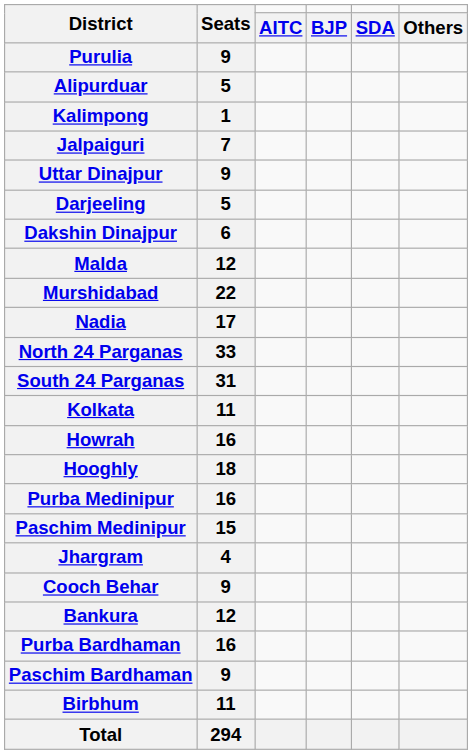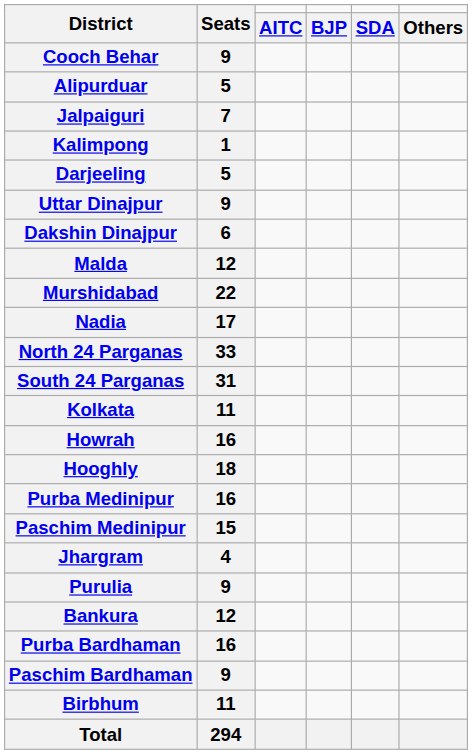 <table class="wikitable" style="text-align:center;">
 <tr>
 <th rowspan="2">District</th>
 <th rowspan="2">Seats</th>
 <td style="color:inherit;background:"></td>
 <td style="color:inherit;background:"></td>
 <td style="color:inherit;background:"></td>
 <td style="color:inherit;background:"></td>
 </tr>
 <tr>
 <th><a href='#'>AITC</a></th>
 <th><a href='#'>BJP</a></th>
 <th><a href='#'>SDA</a></th>
 <th>Others</th>
 </tr>
 <tr>
-<th><a href='#'>Purulia</a></th>
+<th><a href='#'>Cooch Behar</a></th>
 <th>9</th>
 <td></td>
 <td></td>
 <td></td>
 <td></td>
 </tr>
 <tr>
 <th><a href='#'>Alipurduar</a></th>
 <th>5</th>
 <td></td>
 <td></td>
 <td></td>
 <td></td>
 </tr>
 <tr>
+<th><a href='#'>Jalpaiguri</a></th>
+<th>7</th>
+<td></td>
+<td></td>
+<td></td>
+<td></td>
+</tr>
+<tr>
 <th><a href='#'>Kalimpong</a></th>
 <th>1</th>
 <td></td>
 <td></td>
 <td></td>
 <td></td>
 </tr>
 <tr>
-<th><a href='#'>Jalpaiguri</a></th>
-<th>7</th>
+<th><a href='#'>Darjeeling</a></th>
+<th>5</th>
 <td></td>
 <td></td>
 <td></td>
 <td></td>
 </tr>
 <tr>
 <th><a href='#'>Uttar Dinajpur</a></th>
 <th>9</th>
-<td></td>
-<td></td>
-<td></td>
-<td></td>
-</tr>
-<tr>
-<th><a href='#'>Darjeeling</a></th>
-<th>5</th>
 <td></td>
 <td></td>
 <td></td>
 <td></td>
 </tr>
 <tr>
 <th><a href='#'>Dakshin Dinajpur</a></th>
 <th>6</th>
 <td></td>
 <td></td>
 <td></td>
 <td></td>
 </tr>
 <tr>
 <th><a href='#'>Malda</a></th>
 <th>12</th>
 <td></td>
 <td></td>
 <td></td>
 <td></td>
 </tr>
 <tr>
 <th><a href='#'>Murshidabad</a></th>
 <th>22</th>
 <td></td>
 <td></td>
 <td></td>
 <td></td>
 </tr>
 <tr>
 <th><a href='#'>Nadia</a></th>
 <th>17</th>
 <td></td>
 <td></td>
 <td></td>
 <td></td>
 </tr>
 <tr>
 <th><a href='#'>North 24 Parganas</a></th>
 <th>33</th>
 <td></td>
 <td></td>
 <td></td>
 <td></td>
 </tr>
 <tr>
 <th><a href='#'>South 24 Parganas</a></th>
 <th>31</th>
 <td></td>
 <td></td>
 <td></td>
 <td></td>
 </tr>
 <tr>
 <th><a href='#'>Kolkata</a></th>
 <th>11</th>
 <td></td>
 <td></td>
 <td></td>
 <td></td>
 </tr>
 <tr>
 <th><a href='#'>Howrah</a></th>
 <th>16</th>
 <td></td>
 <td></td>
 <td></td>
 </tr>
 <tr>
 <th><a href='#'>Hooghly</a></th>
 <th>18</th>
 <td></td>
 <td></td>
 <td></td>
 <td></td>
 </tr>
 <tr>
 <th><a href='#'>Purba Medinipur</a></th>
 <th>16</th>
 <td></td>
 <td></td>
 <td></td>
 <td></td>
 </tr>
 <tr>
 <th><a href='#'>Paschim Medinipur</a></th>
 <th>15</th>
 <td></td>
 <td></td>
 <td></td>
 <td></td>
 </tr>
 <tr>
 <th><a href='#'>Jhargram</a></th>
 <th>4</th>
 <td></td>
 <td></td>
 <td></td>
 <td></td>
 </tr>
 <tr>
-<th><a href='#'>Cooch Behar</a></th>
+<th><a href='#'>Purulia</a></th>
 <th>9</th>
 <td></td>
 <td></td>
 <td></td>
 <td></td>
 </tr>
 <tr>
 <th><a href='#'>Bankura</a></th>
 <th>12</th>
 <td></td>
 <td></td>
 <td></td>
 <td></td>
 </tr>
 <tr>
 <th><a href='#'>Purba Bardhaman</a></th>
 <th>16</th>
 <td></td>
 <td></td>
 <td></td>
 <td></td>
 </tr>
 <tr>
 <th><a href='#'>Paschim Bardhaman</a></th>
 <th>9</th>
 <td></td>
 <td></td>
 <td></td>
 <td></td>
 </tr>
 <tr>
 <th><a href='#'>Birbhum</a></th>
 <th>11</th>
 <td></td>
 <td></td>
 <td></td>
 <td></td>
 </tr>
 <tr>
 <th>Total</th>
 <th>294</th>
 <th></th>
 <th></th>
 <th></th>
 <th></th>
 </tr>
 </table>
